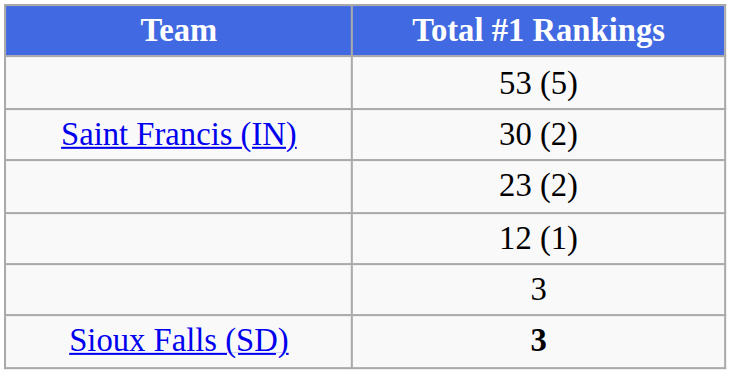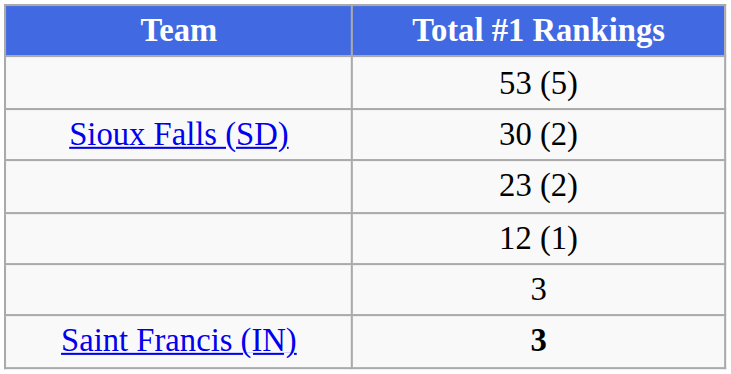 <table class="wikitable" style="width:40%;">
 <tr>
 <th style="background:#4169E1; color:white;">Team</th>
 <th style="background:#4169E1; color:white;">Total #1 Rankings</th>
 </tr>
 <tr style="text-align:center;">
 <td></td>
 <td>53 (5)</td>
 </tr>
 <tr style="text-align:center;">
-<td><a href='#'>Saint Francis (IN)</a></td>
+<td><a href='#'>Sioux Falls (SD)</a></td>
 <td>30 (2)</td>
 </tr>
 <tr style="text-align:center;">
 <td></td>
 <td>23 (2)</td>
 </tr>
 <tr style="text-align:center;">
 <td></td>
 <td>12 (1)</td>
 </tr>
 <tr style="text-align:center;">
 <td></td>
 <td>3</td>
 </tr>
 <tr style="text-align:center;">
-<td><a href='#'>Sioux Falls (SD)</a></td>
+<td><a href='#'>Saint Francis (IN)</a></td>
 <td><strong>3</strong></td>
 </tr>
 </table>
